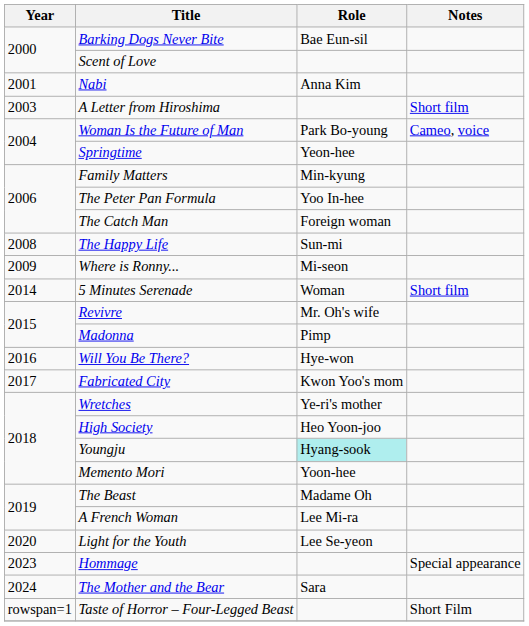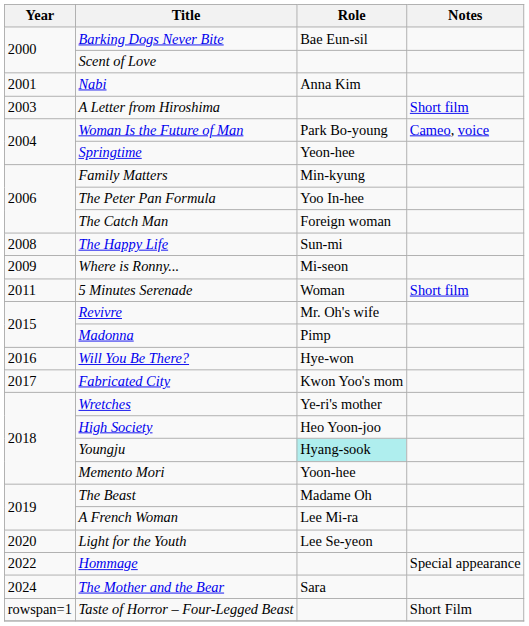 <table class="wikitable sortable">
 <tr>
 <th>Year</th>
 <th>Title</th>
 <th>Role</th>
 <th class="unsortable">Notes</th>
 </tr>
 <tr>
 <td rowspan=2>2000</td>
 <td><em><a href='#'>Barking Dogs Never Bite</a></em></td>
 <td>Bae Eun-sil</td>
 <td></td>
 </tr>
 <tr>
 <td><em>Scent of Love</em></td>
 <td></td>
 <td></td>
 </tr>
 <tr>
 <td>2001</td>
 <td><em><a href='#'>Nabi</a></em></td>
 <td>Anna Kim</td>
 <td></td>
 </tr>
 <tr>
 <td>2003</td>
 <td><em>A Letter from Hiroshima</em></td>
 <td></td>
 <td><a href='#'>Short film</a></td>
 </tr>
 <tr>
 <td rowspan=2>2004</td>
 <td><em><a href='#'>Woman Is the Future of Man</a></em></td>
 <td>Park Bo-young</td>
 <td><a href='#'>Cameo</a>, <a href='#'>voice</a></td>
 </tr>
 <tr>
 <td><em><a href='#'>Springtime</a></em></td>
 <td>Yeon-hee</td>
 <td></td>
 </tr>
 <tr>
 <td rowspan=3>2006</td>
 <td><em>Family Matters</em></td>
 <td>Min-kyung</td>
 <td></td>
 </tr>
 <tr>
 <td><em>The Peter Pan Formula</em></td>
 <td>Yoo In-hee</td>
 <td></td>
 </tr>
 <tr>
 <td><em>The Catch Man</em></td>
 <td>Foreign woman</td>
 <td></td>
 </tr>
 <tr>
 <td>2008</td>
 <td><em><a href='#'>The Happy Life</a></em></td>
 <td>Sun-mi</td>
 <td></td>
 </tr>
 <tr>
 <td>2009</td>
 <td><em>Where is Ronny...</em></td>
 <td>Mi-seon</td>
 <td></td>
 </tr>
 <tr>
-<td>2014</td>
+<td>2011</td>
 <td><em>5 Minutes Serenade</em></td>
 <td>Woman</td>
 <td><a href='#'>Short film</a></td>
 </tr>
 <tr>
 <td rowspan=2>2015</td>
 <td><em><a href='#'>Revivre</a></em></td>
 <td>Mr. Oh's wife</td>
 <td></td>
 </tr>
 <tr>
 <td><em><a href='#'>Madonna</a></em></td>
 <td>Pimp</td>
 <td></td>
 </tr>
 <tr>
 <td>2016</td>
 <td><em><a href='#'>Will You Be There?</a></em></td>
 <td>Hye-won</td>
 <td></td>
 </tr>
 <tr>
 <td>2017</td>
 <td><em><a href='#'>Fabricated City</a></em></td>
 <td>Kwon Yoo's mom</td>
 <td></td>
 </tr>
 <tr>
 <td rowspan="4">2018</td>
 <td><em><a href='#'>Wretches</a></em></td>
 <td>Ye-ri's mother</td>
 <td></td>
 </tr>
 <tr>
 <td><a href='#'><em>High Society</em></a></td>
 <td>Heo Yoon-joo</td>
 <td></td>
 </tr>
 <tr>
 <td><em>Youngju</em></td>
 <td style="background: paleturquoise;">Hyang-sook</td>
 <td></td>
 </tr>
 <tr>
 <td><em>Memento Mori</em></td>
 <td>Yoon-hee</td>
 <td></td>
 </tr>
 <tr>
 <td rowspan="2">2019</td>
 <td><em>The Beast</em></td>
 <td>Madame Oh</td>
 <td></td>
 </tr>
 <tr>
 <td><em>A French Woman</em></td>
 <td>Lee Mi-ra</td>
 <td></td>
 </tr>
 <tr>
 <td>2020</td>
 <td><em>Light for the Youth</em></td>
 <td>Lee Se-yeon</td>
 <td></td>
 </tr>
 <tr>
-<td>2023</td>
+<td>2022</td>
 <td><em><a href='#'>Hommage</a></em></td>
 <td></td>
 <td>Special appearance </td>
 </tr>
 <tr>
 <td>2024</td>
 <td><em><a href='#'>The Mother and the Bear</a></em></td>
 <td>Sara</td>
 <td></td>
 </tr>
 <tr>
 <td>rowspan=1 </td>
 <td><em>Taste of Horror – Four-Legged Beast </em></td>
 <td></td>
 <td>Short Film</td>
 </tr>
 <tr>
 </tr>
 </table>
